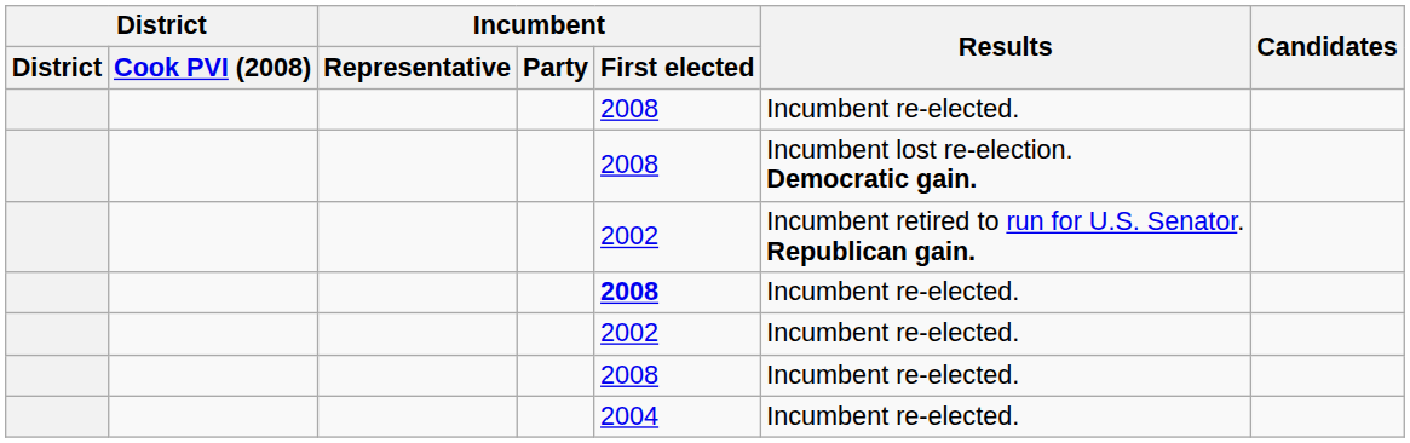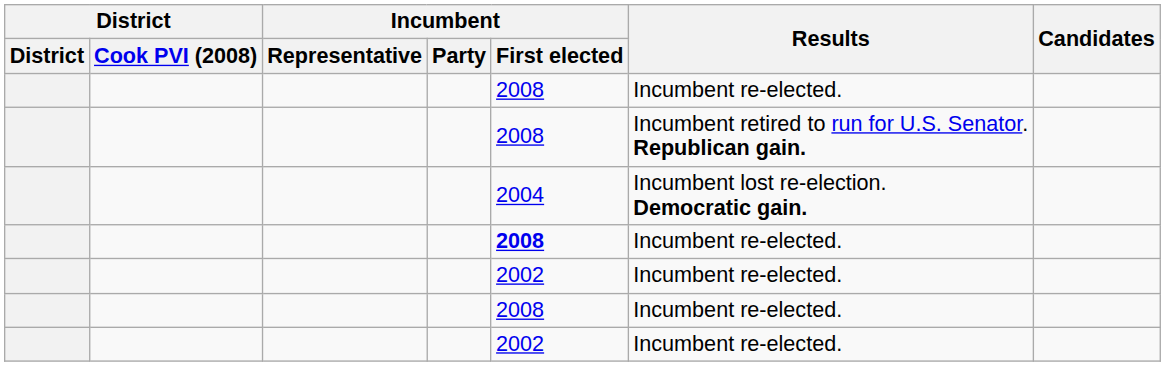 <table class="wikitable sortable">
 <tr>
 <th colspan=2>District</th>
 <th colspan=3>Incumbent</th>
 <th rowspan=2>Results</th>
 <th rowspan=2>Candidates</th>
 </tr>
 <tr valign=bottom>
 <th>District</th>
 <th><a href='#'>Cook PVI</a> (2008)</th>
 <th>Representative</th>
 <th>Party</th>
 <th>First elected</th>
 </tr>
 <tr>
 <th></th>
 <td></td>
 <td></td>
 <td></td>
 <td><a href='#'>2008</a></td>
 <td>Incumbent re-elected.</td>
 <td nowrap></td>
 </tr>
 <tr>
 <th></th>
 <td></td>
 <td></td>
 <td></td>
 <td><a href='#'>2008</a></td>
-<td>Incumbent lost re-election.<br><strong>Democratic gain.</strong></td>
+<td>Incumbent retired to <a href='#'>run for U.S. Senator</a>.<br><strong>Republican gain.</strong></td>
 <td nowrap></td>
 </tr>
 <tr>
 <th></th>
 <td></td>
 <td></td>
 <td></td>
-<td><a href='#'>2002</a></td>
-<td>Incumbent retired to <a href='#'>run for U.S. Senator</a>.<br><strong>Republican gain.</strong></td>
+<td><a href='#'>2004</a></td>
+<td>Incumbent lost re-election.<br><strong>Democratic gain.</strong></td>
 <td nowrap></td>
 </tr>
 <tr>
 <th></th>
 <td></td>
 <td></td>
 <td></td>
 <td><strong><a href='#'>2008</a></strong></td>
 <td>Incumbent re-elected.</td>
 <td nowrap></td>
 </tr>
 <tr>
 <th></th>
 <td></td>
 <td></td>
 <td></td>
 <td><a href='#'>2002</a></td>
 <td>Incumbent re-elected.</td>
 <td nowrap></td>
 </tr>
 <tr>
 <th></th>
 <td></td>
 <td></td>
 <td></td>
 <td><a href='#'>2008</a></td>
 <td>Incumbent re-elected.</td>
 <td nowrap></td>
 </tr>
 <tr>
 <th></th>
 <td></td>
 <td></td>
 <td></td>
-<td><a href='#'>2004</a></td>
+<td><a href='#'>2002</a></td>
 <td>Incumbent re-elected.</td>
 <td nowrap></td>
 </tr>
 </table>
